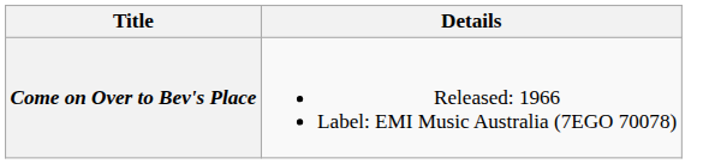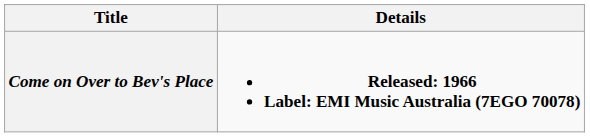 <table class="wikitable plainrowheaders" style="text-align:center;" border="1">
 <tr>
 <th scope="col">Title</th>
 <th scope="col">Details</th>
 </tr>
 <tr>
 <th scope="row"><em>Come on Over to Bev's Place</em></th>
-<td><br><ul><li>Released: 1966</li><li>Label: EMI Music Australia (7EGO 70078)</li></ul></td>
+<td><strong><br><ul><li>Released: 1966</li><li>Label: EMI Music Australia (7EGO 70078)</li></ul></strong></td>
 </tr>
 </table>
